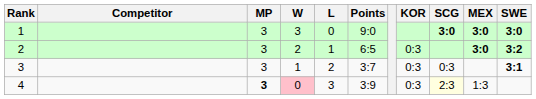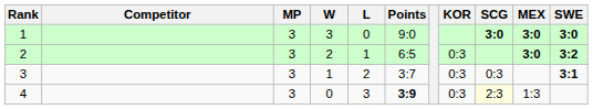 <table class="wikitable" style="text-align:center">
 <tr>
 <th>Rank</th>
 <th style="width:18em">Competitor</th>
 <th style="width:2.5em">MP</th>
 <th style="width:2.5em">W</th>
 <th style="width:2.5em">L</th>
 <th>Points</th>
 <th rowspan="5"> </th>
 <th style="width:2.5em">KOR</th>
 <th style="width:2.5em">SCG</th>
 <th style="width:2.5em">MEX</th>
 <th style="width:2.5em">SWE</th>
 </tr>
 <tr style="background:#cfc;">
 <td>1</td>
 <td style="text-align:left"></td>
 <td>3</td>
 <td>3</td>
 <td>0</td>
 <td>9:0</td>
 <td></td>
 <td><strong>3:0</strong></td>
 <td><strong>3:0</strong></td>
 <td><strong>3:0</strong></td>
 </tr>
 <tr style="background:#cfc;">
 <td>2</td>
 <td style="text-align:left"></td>
 <td>3</td>
 <td>2</td>
 <td>1</td>
 <td>6:5</td>
 <td>0:3</td>
 <td></td>
 <td><strong>3:0</strong></td>
 <td><strong>3:2</strong></td>
 </tr>
 <tr>
 <td>3</td>
 <td style="text-align:left"></td>
 <td>3</td>
 <td>1</td>
 <td>2</td>
 <td>3:7</td>
 <td>0:3</td>
 <td>0:3</td>
 <td></td>
 <td><strong>3:1</strong></td>
 </tr>
 <tr>
 <td>4</td>
 <td style="text-align:left"></td>
-<td><strong>3</strong></td>
-<td style="background: pink;">0</td>
 <td>3</td>
-<td>3:9</td>
+<td>0</td>
+<td>3</td>
+<td><strong>3:9</strong></td>
 <td>0:3</td>
 <td style="background: lightyellow;">2:3</td>
 <td>1:3</td>
 <td></td>
 </tr>
 </table>
